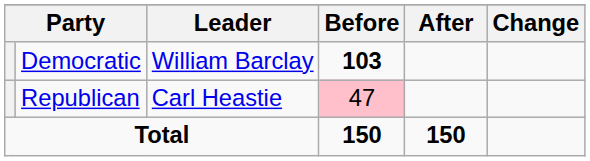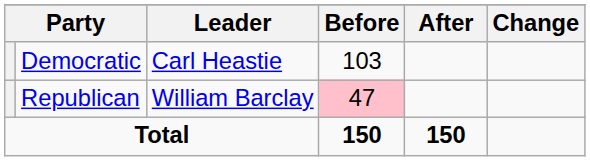 <table class="wikitable" style="text-align:center;">
 <tr>
 </tr>
 <tr>
 <th colspan="2">Party</th>
 <th>Leader</th>
 <th style="width:3em">Before</th>
 <th style="width:3em">After</th>
 <th style="width:3em">Change</th>
 </tr>
 <tr>
 <th style="background-color:"></th>
 <td style="text-align:left;"><a href='#'>Democratic</a></td>
-<td style="text-align:left;"><a href='#'>William Barclay</a></td>
-<td><strong>103</strong></td>
+<td style="text-align:left;"><a href='#'>Carl Heastie</a></td>
+<td>103</td>
 <td></td>
 <td></td>
 </tr>
 <tr>
 <th style="background-color:"></th>
 <td style="text-align:left;"><a href='#'>Republican</a></td>
-<td style="text-align:left;"><a href='#'>Carl Heastie</a></td>
+<td style="text-align:left;"><a href='#'>William Barclay</a></td>
 <td style="background: pink;">47</td>
 <td></td>
 <td></td>
 </tr>
 <tr>
 <td colspan="3"><strong>Total</strong></td>
 <td><strong>150</strong></td>
 <td><strong>150</strong></td>
 <td></td>
 </tr>
 </table>
